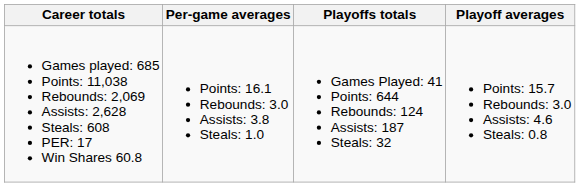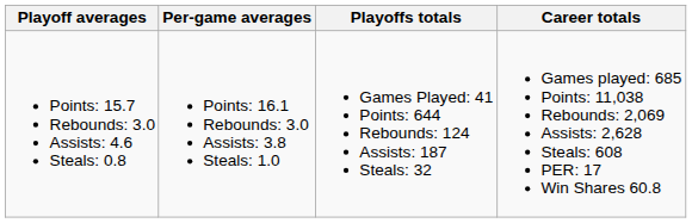 <table class="wikitable">
 <tr>
-<th>Career totals</th>
+<th>Playoff averages</th>
 <th>Per-game averages</th>
 <th>Playoffs totals</th>
-<th>Playoff averages</th>
+<th>Career totals</th>
 </tr>
 <tr>
-<td><br><ul><li>Games played: 685</li><li>Points: 11,038</li><li>Rebounds: 2,069</li><li>Assists: 2,628</li><li>Steals: 608</li><li>PER: 17</li><li>Win Shares 60.8</li></ul></td>
+<td><br><ul><li>Points: 15.7</li><li>Rebounds: 3.0</li><li>Assists: 4.6</li><li>Steals: 0.8</li></ul></td>
 <td><br><ul><li>Points: 16.1</li><li>Rebounds: 3.0</li><li>Assists: 3.8</li><li>Steals: 1.0</li></ul></td>
 <td><br><ul><li>Games Played: 41</li><li>Points: 644</li><li>Rebounds: 124</li><li>Assists: 187</li><li>Steals: 32</li></ul></td>
-<td><br><ul><li>Points: 15.7</li><li>Rebounds: 3.0</li><li>Assists: 4.6</li><li>Steals: 0.8</li></ul></td>
+<td><br><ul><li>Games played: 685</li><li>Points: 11,038</li><li>Rebounds: 2,069</li><li>Assists: 2,628</li><li>Steals: 608</li><li>PER: 17</li><li>Win Shares 60.8</li></ul></td>
 </tr>
 </table>
